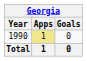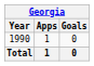 <table class="wikitable" style="text-align:center">
 <tr>
 <th colspan=3><a href='#'>Georgia</a></th>
 </tr>
 <tr>
 <th>Year</th>
 <th>Apps</th>
 <th>Goals</th>
 </tr>
 <tr>
 <td>1990</td>
-<td style="background: khaki;">1</td>
+<td>1</td>
 <td>0</td>
 </tr>
 <tr>
 <th>Total</th>
 <th>1</th>
 <th>0</th>
 </tr>
 </table>
